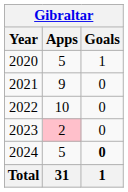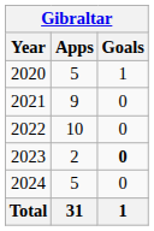 <table class="wikitable" style="text-align:center">
 <tr>
 <th colspan=3><a href='#'>Gibraltar</a></th>
 </tr>
 <tr>
 <th>Year</th>
 <th>Apps</th>
 <th>Goals</th>
 </tr>
 <tr>
 <td>2020</td>
 <td>5</td>
 <td>1</td>
 </tr>
 <tr>
 <td>2021</td>
 <td>9</td>
 <td>0</td>
 </tr>
 <tr>
 <td>2022</td>
 <td>10</td>
 <td>0</td>
 </tr>
 <tr>
 <td>2023</td>
-<td style="background: pink;">2</td>
-<td>0</td>
+<td>2</td>
+<td><strong>0</strong></td>
 </tr>
 <tr>
 <td>2024</td>
 <td>5</td>
-<td><strong>0</strong></td>
+<td>0</td>
 </tr>
 <tr>
 <th>Total</th>
 <th>31</th>
 <th>1</th>
 </tr>
 </table>
